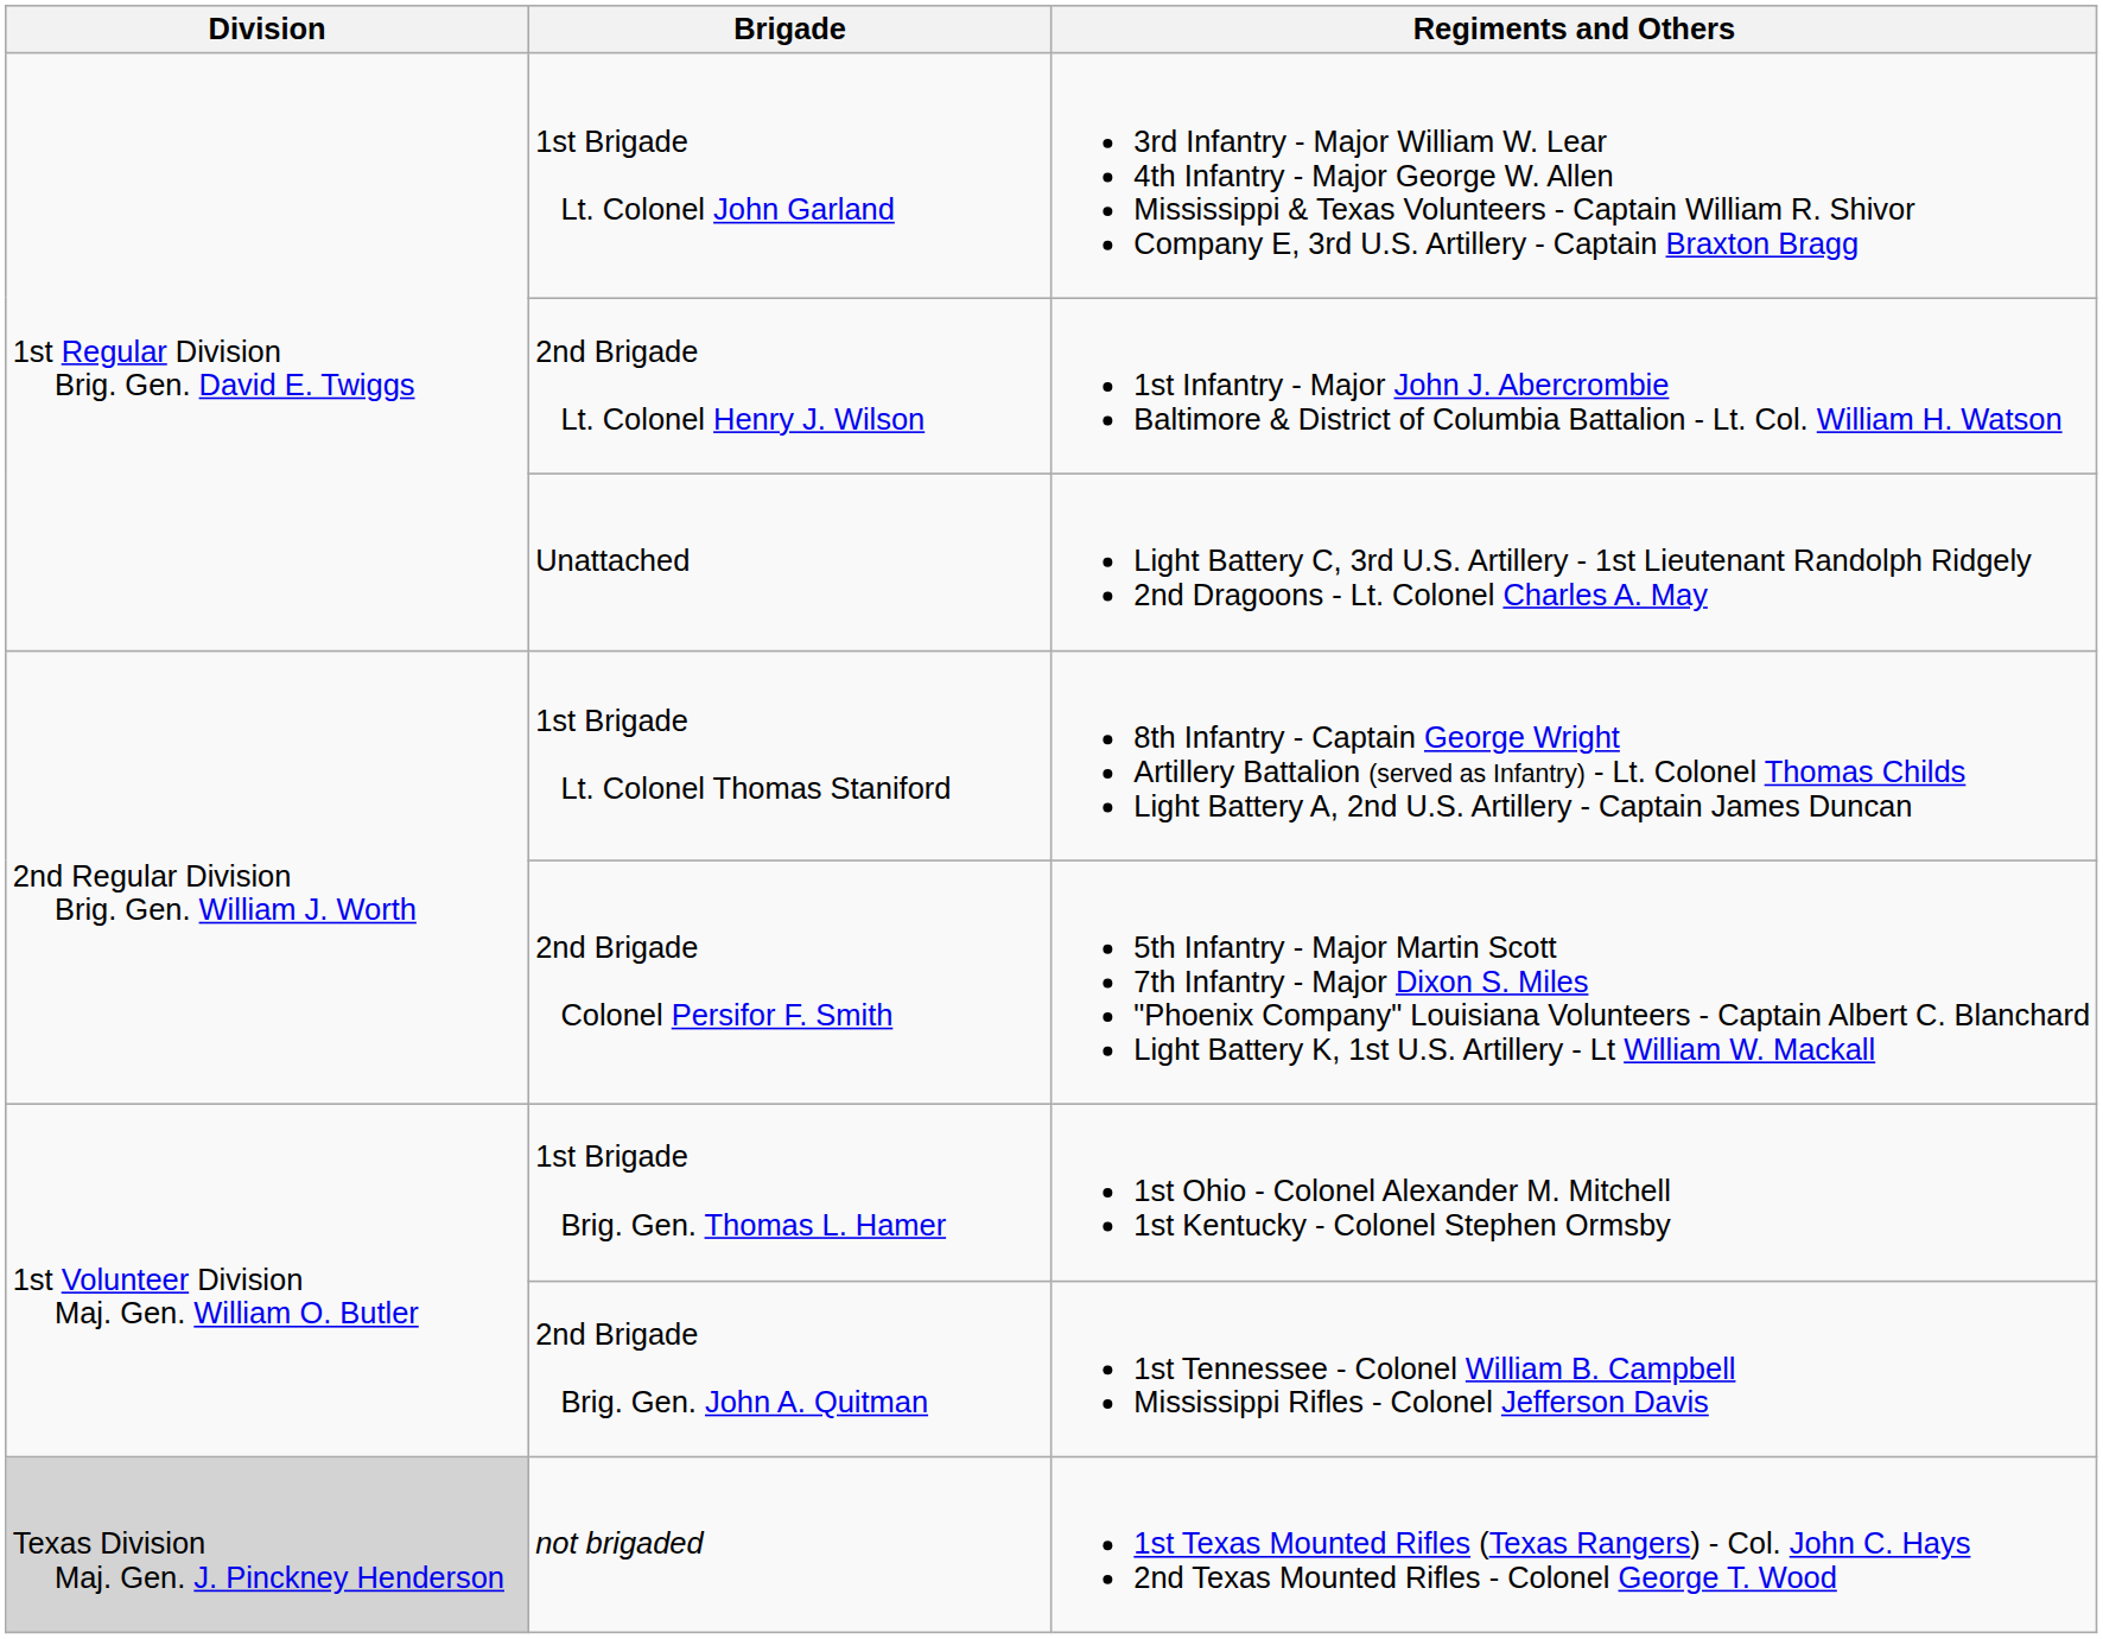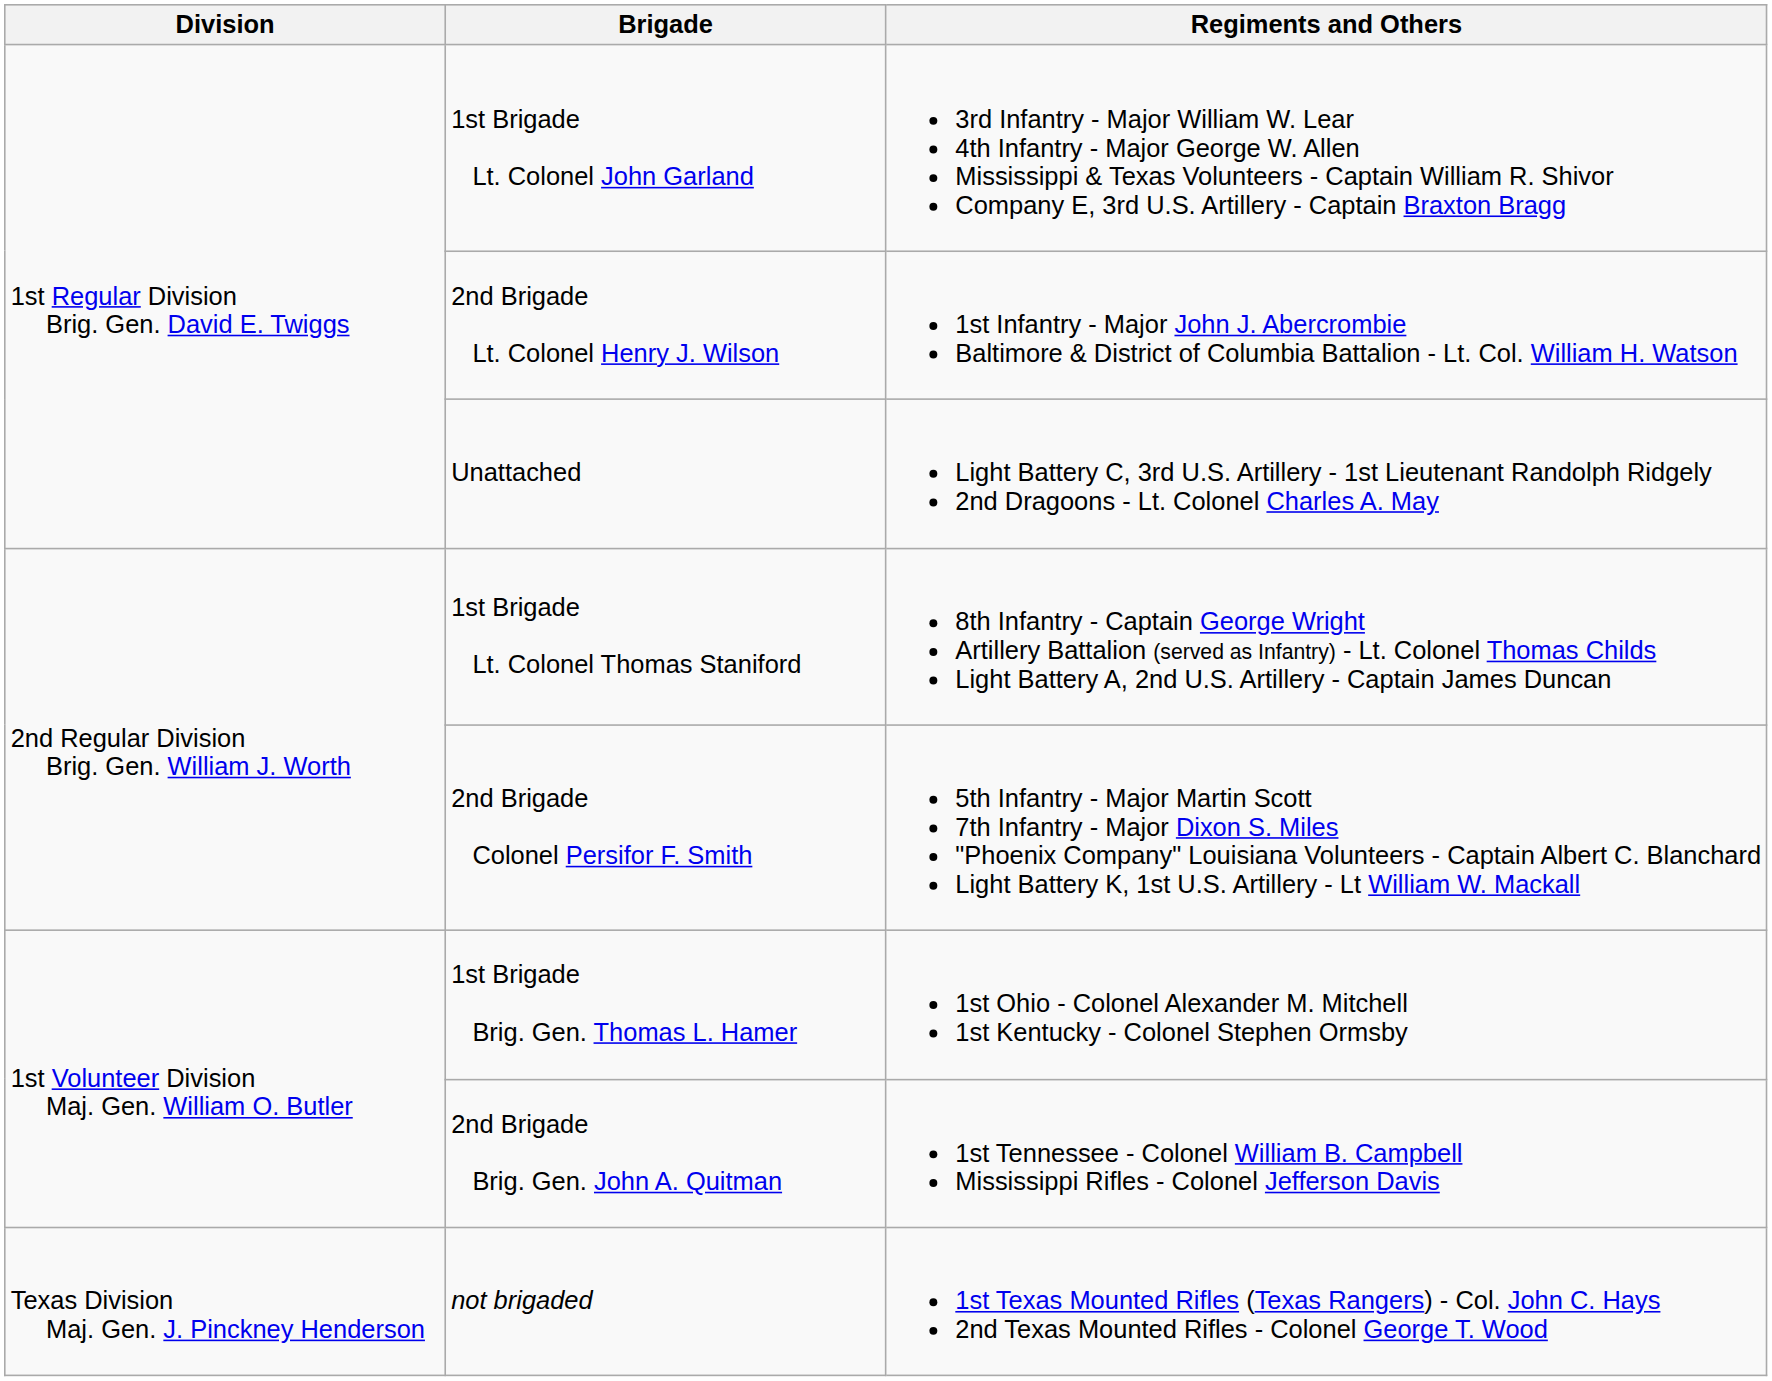 <table class="wikitable">
 <tr>
 <th width=25%>Division</th>
 <th width=25%>Brigade</th>
 <th>Regiments and Others</th>
 </tr>
 <tr>
 <td rowspan=3><br>1st <a href='#'>Regular</a> Division <br>     Brig. Gen. <a href='#'>David E. Twiggs</a></td>
 <td>1st Brigade<br><br>   Lt. Colonel <a href='#'>John Garland</a></td>
 <td><br><ul><li>3rd Infantry - Major William W. Lear</li><li>4th Infantry - Major George W. Allen</li><li>Mississippi & Texas Volunteers - Captain William R. Shivor</li><li>Company E, 3rd U.S. Artillery - Captain <a href='#'>Braxton Bragg</a></li></ul></td>
 </tr>
 <tr>
 <td>2nd Brigade<br><br>   Lt. Colonel <a href='#'>Henry J. Wilson</a></td>
 <td><br><ul><li>1st Infantry - Major <a href='#'>John J. Abercrombie</a></li><li>Baltimore & District of Columbia Battalion - Lt. Col. <a href='#'>William H. Watson</a></li></ul></td>
 </tr>
 <tr>
 <td>Unattached</td>
 <td><br><ul><li>Light Battery C, 3rd U.S. Artillery - 1st Lieutenant Randolph Ridgely</li><li>2nd Dragoons - Lt. Colonel <a href='#'>Charles A. May</a></li></ul></td>
 </tr>
 <tr>
 <td rowspan=2><br>2nd Regular Division <br>     Brig. Gen. <a href='#'>William J. Worth</a></td>
 <td>1st Brigade<br><br>   Lt. Colonel Thomas Staniford</td>
 <td><br><ul><li>8th Infantry - Captain <a href='#'>George Wright</a></li><li>Artillery Battalion <small>(served as Infantry)</small> - Lt. Colonel <a href='#'>Thomas Childs</a></li><li>Light Battery A, 2nd U.S. Artillery - Captain James Duncan</li></ul></td>
 </tr>
 <tr>
 <td>2nd Brigade<br><br>   Colonel <a href='#'>Persifor F. Smith</a></td>
 <td><br><ul><li>5th Infantry - Major Martin Scott</li><li>7th Infantry - Major <a href='#'>Dixon S. Miles</a></li><li>"Phoenix Company" Louisiana Volunteers - Captain Albert C. Blanchard</li><li>Light Battery K, 1st U.S. Artillery - Lt <a href='#'>William W. Mackall</a></li></ul></td>
 </tr>
 <tr>
 <td rowspan=2><br>1st <a href='#'>Volunteer</a> Division <br>     Maj. Gen. <a href='#'>William O. Butler</a></td>
 <td>1st Brigade<br><br>   Brig. Gen. <a href='#'>Thomas L. Hamer</a></td>
 <td><br><ul><li>1st Ohio - Colonel Alexander M. Mitchell</li><li>1st Kentucky - Colonel Stephen Ormsby</li></ul></td>
 </tr>
 <tr>
 <td>2nd Brigade<br><br>   Brig. Gen. <a href='#'>John A. Quitman</a></td>
 <td><br><ul><li>1st Tennessee - Colonel <a href='#'>William B. Campbell</a></li><li>Mississippi Rifles - Colonel <a href='#'>Jefferson Davis</a></li></ul></td>
 </tr>
 <tr>
-<td rowspan=1 style="background: lightgrey;"><br>Texas Division <br>     Maj. Gen. <a href='#'>J. Pinckney Henderson</a></td>
+<td rowspan=1><br>Texas Division <br>     Maj. Gen. <a href='#'>J. Pinckney Henderson</a></td>
 <td><em>not brigaded</em></td>
 <td><br><ul><li><a href='#'>1st Texas Mounted Rifles</a> (<a href='#'>Texas Rangers</a>) - Col. <a href='#'>John C. Hays</a></li><li>2nd Texas Mounted Rifles - Colonel <a href='#'>George T. Wood</a></li></ul></td>
 </tr>
 </table>
